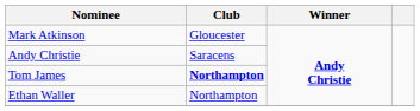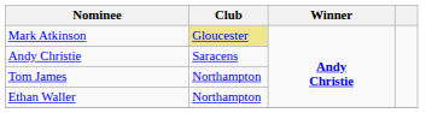 <table class="wikitable">
 <tr>
 <th width=220>Nominee</th>
 <th width=90>Club</th>
 <th width=150>Winner</th>
 <th width=20></th>
 </tr>
 <tr>
 <td> <a href='#'>Mark Atkinson</a></td>
-<td><a href='#'>Gloucester</a></td>
+<td style="background: khaki;"><a href='#'>Gloucester</a></td>
 <td rowspan=4 align=center><br><strong><a href='#'>Andy<br>Christie</a></strong></td>
 <td rowspan=4 align=center></td>
 </tr>
 <tr>
 <td> <a href='#'>Andy Christie</a></td>
 <td><a href='#'>Saracens</a></td>
 </tr>
 <tr>
 <td> <a href='#'>Tom James</a></td>
-<td><strong><a href='#'>Northampton</a></strong></td>
+<td><a href='#'>Northampton</a></td>
 </tr>
 <tr>
 <td> <a href='#'>Ethan Waller</a></td>
 <td><a href='#'>Northampton</a></td>
 </tr>
 <tr>
 </tr>
 </table>
